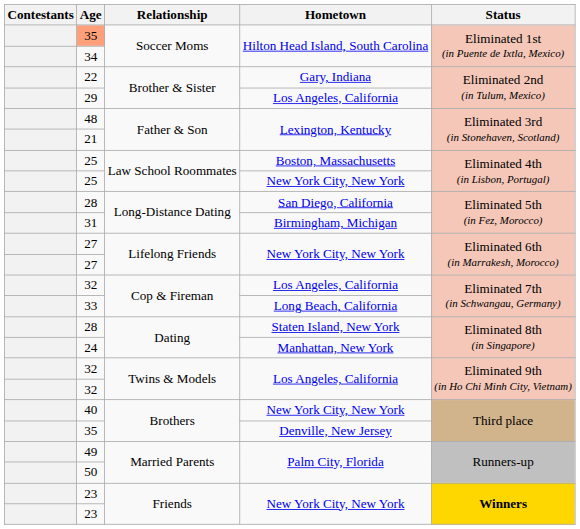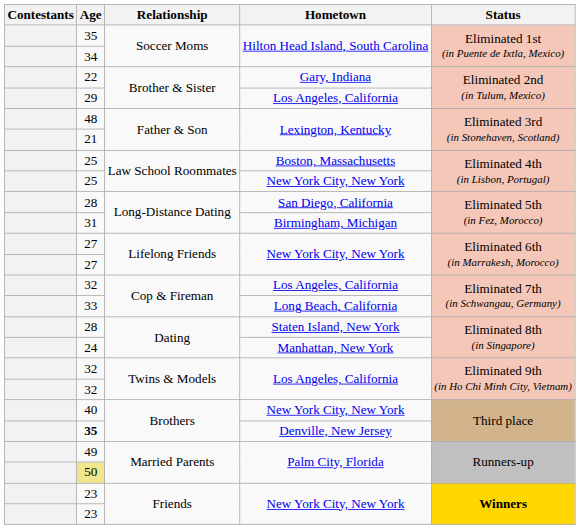 <table class="wikitable sortable" style="text-align:center;">
 <tr>
 <th scope="col">Contestants</th>
 <th scope="col">Age</th>
 <th scope="col" class="unsortable">Relationship</th>
 <th class="unsortable" scope="col">Hometown</th>
 <th scope="col">Status</th>
 </tr>
 <tr>
 <th scope="row"></th>
-<td style="background: lightsalmon;">35</td>
+<td>35</td>
 <td rowspan="2">Soccer Moms</td>
 <td rowspan="2"><a href='#'>Hilton Head Island, South Carolina</a></td>
 <td rowspan="2" bgcolor="f4c7b8">Eliminated 1st<br><small><em>(in Puente de Ixtla, Mexico)</em></small></td>
 </tr>
 <tr>
 <th scope="row"></th>
 <td>34</td>
 </tr>
 <tr>
 <th scope="row"></th>
 <td>22</td>
 <td rowspan="2">Brother & Sister</td>
 <td><a href='#'>Gary, Indiana</a></td>
 <td rowspan="2" bgcolor="f4c7b8">Eliminated 2nd<br><small><em>(in Tulum, Mexico)</em></small></td>
 </tr>
 <tr>
 <th scope="row"></th>
 <td>29</td>
 <td><a href='#'>Los Angeles, California</a></td>
 </tr>
 <tr>
 <th scope="row"></th>
 <td>48</td>
 <td rowspan="2">Father & Son</td>
 <td rowspan="2"><a href='#'>Lexington, Kentucky</a></td>
 <td rowspan="2" bgcolor="f4c7b8">Eliminated 3rd<br><small><em>(in Stonehaven, Scotland)</em></small></td>
 </tr>
 <tr>
 <th scope="row"></th>
 <td>21</td>
 </tr>
 <tr>
 <th scope="row"></th>
 <td>25</td>
 <td rowspan="2">Law School Roommates</td>
 <td><a href='#'>Boston, Massachusetts</a></td>
 <td rowspan="2" bgcolor="f4c7b8">Eliminated 4th<br><small><em>(in Lisbon, Portugal)</em></small></td>
 </tr>
 <tr>
 <th scope="row"></th>
 <td>25</td>
 <td><a href='#'>New York City, New York</a></td>
 </tr>
 <tr>
 <th scope="row"></th>
 <td>28</td>
 <td rowspan="2">Long-Distance Dating</td>
 <td><a href='#'>San Diego, California</a></td>
 <td rowspan="2" bgcolor="f4c7b8">Eliminated 5th<br><small><em>(in Fez, Morocco)</em></small></td>
 </tr>
 <tr>
 <th scope="row"></th>
 <td>31</td>
 <td><a href='#'>Birmingham, Michigan</a></td>
 </tr>
 <tr>
 <th scope="row"></th>
 <td>27</td>
 <td rowspan="2">Lifelong Friends</td>
 <td rowspan="2"><a href='#'>New York City, New York</a></td>
 <td rowspan="2" bgcolor="f4c7b8">Eliminated 6th<br><small><em>(in Marrakesh, Morocco)</em></small></td>
 </tr>
 <tr>
 <th scope="row"></th>
 <td>27</td>
 </tr>
 <tr>
 <th scope="row"></th>
 <td>32</td>
 <td rowspan="2">Cop & Fireman</td>
 <td><a href='#'>Los Angeles, California</a></td>
 <td rowspan="2" bgcolor="f4c7b8">Eliminated 7th<br><small><em>(in Schwangau, Germany)</em></small></td>
 </tr>
 <tr>
 <th scope="row"></th>
 <td>33</td>
 <td><a href='#'>Long Beach, California</a></td>
 </tr>
 <tr>
 <th scope="row"></th>
 <td>28</td>
 <td rowspan="2">Dating</td>
 <td><a href='#'>Staten Island, New York</a></td>
 <td rowspan="2" bgcolor="f4c7b8">Eliminated 8th<br><small><em>(in Singapore)</em></small></td>
 </tr>
 <tr>
 <th scope="row"></th>
 <td>24</td>
 <td><a href='#'>Manhattan, New York</a></td>
 </tr>
 <tr>
 <th scope="row"></th>
 <td>32</td>
 <td rowspan="2">Twins & Models</td>
 <td rowspan="2"><a href='#'>Los Angeles, California</a></td>
 <td rowspan="2" bgcolor="f4c7b8">Eliminated 9th<br><small><em>(in Ho Chi Minh City, Vietnam)</em></small></td>
 </tr>
 <tr>
 <th scope="row"></th>
 <td>32</td>
 </tr>
 <tr>
 <th scope="row"></th>
 <td>40</td>
 <td rowspan="2">Brothers</td>
 <td><a href='#'>New York City, New York</a></td>
 <td rowspan="2" bgcolor="tan">Third place</td>
 </tr>
 <tr>
 <th scope="row"></th>
-<td>35</td>
+<td><strong>35</strong></td>
 <td><a href='#'>Denville, New Jersey</a></td>
 </tr>
 <tr>
 <th scope="row"></th>
 <td>49</td>
 <td rowspan="2">Married Parents</td>
 <td rowspan="2"><a href='#'>Palm City, Florida</a></td>
 <td rowspan="2" bgcolor="silver">Runners-up</td>
 </tr>
 <tr>
 <th scope="row"></th>
-<td>50</td>
+<td style="background: khaki;">50</td>
 </tr>
 <tr>
 <th scope="row"></th>
 <td>23</td>
 <td rowspan="2">Friends</td>
 <td rowspan="2"><a href='#'>New York City, New York</a></td>
 <td rowspan="2" bgcolor="gold"><strong>Winners</strong></td>
 </tr>
 <tr>
 <th scope="row"></th>
 <td>23</td>
 </tr>
 </table>
